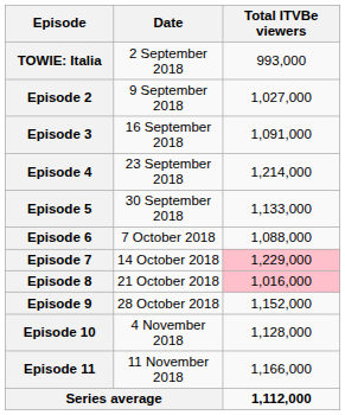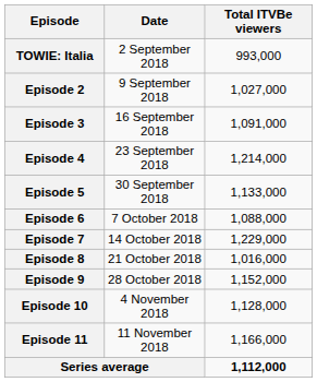 <table class="wikitable sortable" style="text-align:center">
 <tr>
 <th scope="col" style="width:120px;">Episode</th>
 <th scope="col" style="width:120px;">Date</th>
 <th scope="col" style="width:130px;">Total ITVBe viewers</th>
 </tr>
 <tr>
 <th scope="row">TOWIE: Italia</th>
 <td>2 September 2018</td>
 <td>993,000</td>
 </tr>
 <tr>
 <th scope="row">Episode 2</th>
 <td>9 September 2018</td>
 <td>1,027,000</td>
 </tr>
 <tr>
 <th scope="row">Episode 3</th>
 <td>16 September 2018</td>
 <td>1,091,000</td>
 </tr>
 <tr>
 <th scope="row">Episode 4</th>
 <td>23 September 2018</td>
 <td>1,214,000</td>
 </tr>
 <tr>
 <th scope="row">Episode 5</th>
 <td>30 September 2018</td>
 <td>1,133,000</td>
 </tr>
 <tr>
 <th scope="row">Episode 6</th>
 <td>7 October 2018</td>
 <td>1,088,000</td>
 </tr>
 <tr>
 <th scope="row">Episode 7</th>
 <td>14 October 2018</td>
-<td style="background: pink;">1,229,000</td>
+<td>1,229,000</td>
 </tr>
 <tr>
 <th scope="row">Episode 8</th>
 <td>21 October 2018</td>
-<td style="background: pink;">1,016,000</td>
+<td>1,016,000</td>
 </tr>
 <tr>
 <th scope="row">Episode 9</th>
 <td>28 October 2018</td>
 <td>1,152,000</td>
 </tr>
 <tr>
 <th scope="row">Episode 10</th>
 <td>4 November 2018</td>
 <td>1,128,000</td>
 </tr>
 <tr>
 <th scope="row">Episode 11</th>
 <td>11 November 2018</td>
 <td>1,166,000</td>
 </tr>
 <tr>
 <th scope="row" colspan="2">Series average</th>
 <td><strong>1,112,000</strong></td>
 </tr>
 </table>
